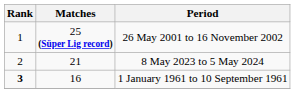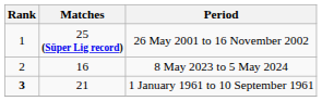 <table class="wikitable sortable">
 <tr>
 <th>Rank</th>
 <th>Matches</th>
 <th>Period</th>
 </tr>
 <tr align=center>
 <td>1</td>
 <td>25 <br><small><strong>(<a href='#'>Süper Lig  record</a>)</strong></small></td>
 <td>26 May 2001 to 16 November 2002</td>
 </tr>
 <tr align=center>
 <td>2</td>
-<td>21</td>
+<td>16</td>
 <td>8 May 2023 to 5 May 2024</td>
 </tr>
 <tr align=center>
 <td><strong>3</strong></td>
-<td>16</td>
+<td>21</td>
 <td>1 January 1961 to 10 September 1961</td>
 </tr>
 <tr align=center>
 </tr>
 </table>
